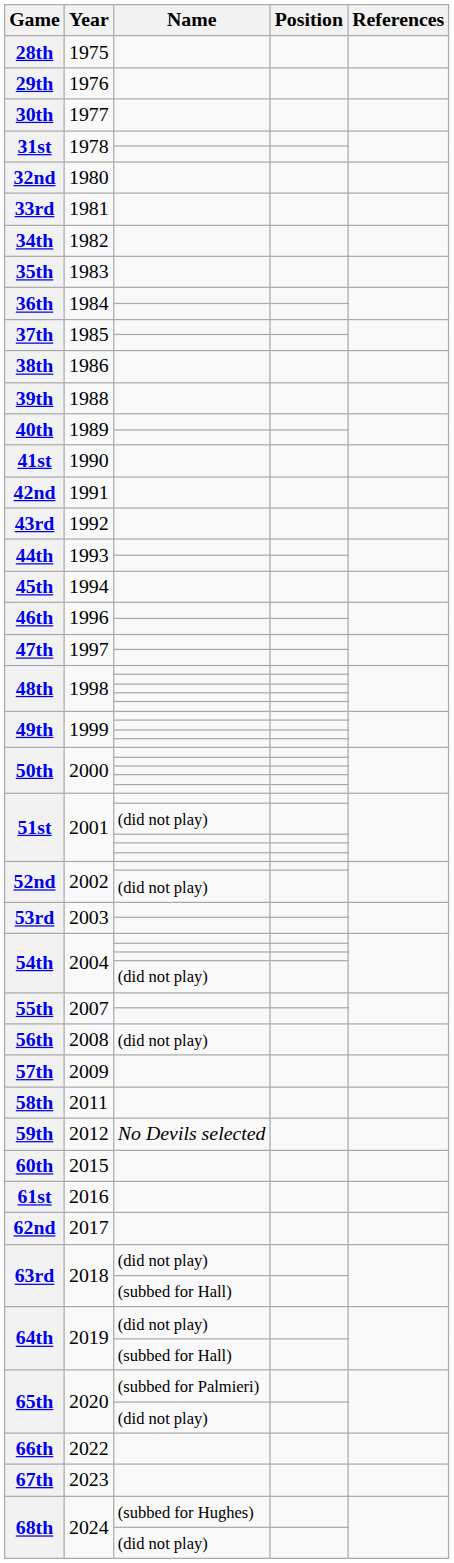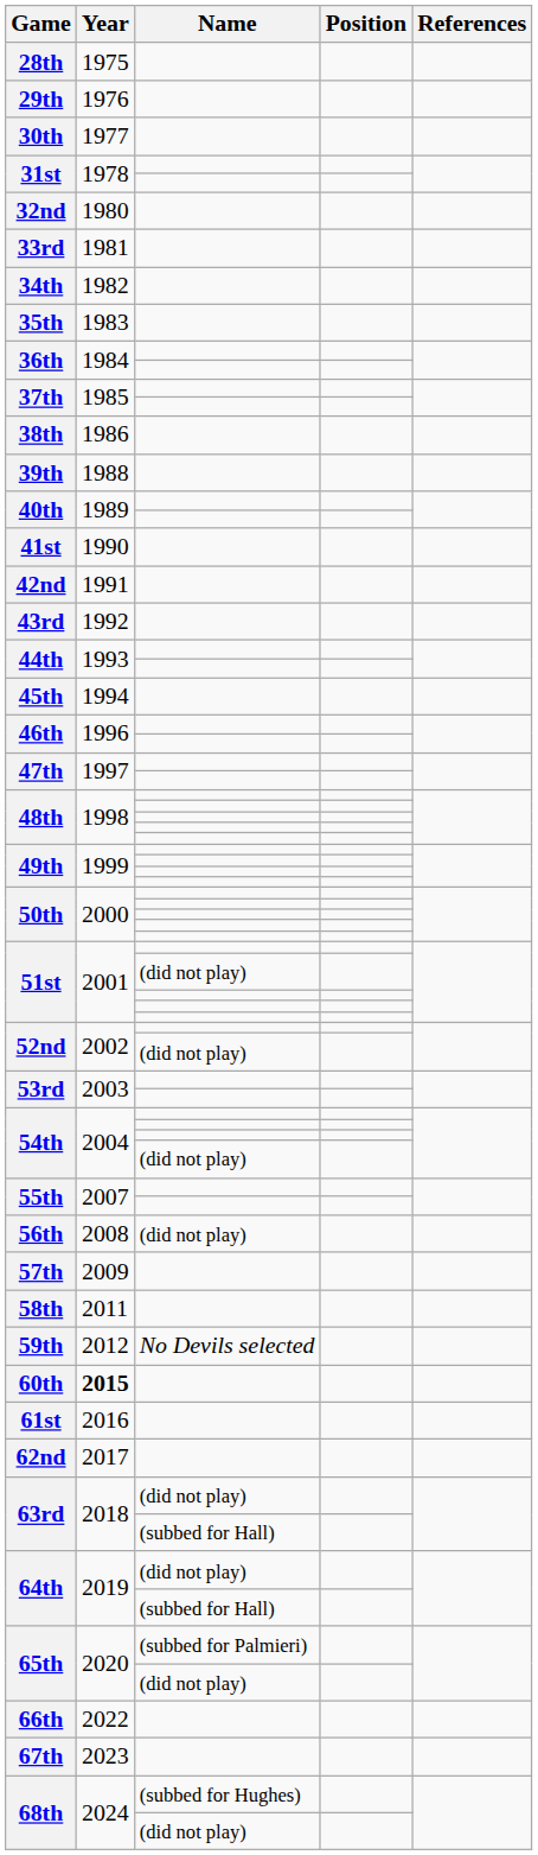 <table class="wikitable sortable">
 <tr>
 <th scope="col">Game</th>
 <th scope="col">Year</th>
 <th scope="col">Name</th>
 <th scope="col">Position</th>
 <th scope="col" class="unsortable">References</th>
 </tr>
 <tr>
 <th scope="row"><a href='#'>28th</a></th>
 <td>1975</td>
 <td></td>
 <td></td>
 <td></td>
 </tr>
 <tr>
 <th scope="row"><a href='#'>29th</a></th>
 <td>1976</td>
 <td></td>
 <td></td>
 <td></td>
 </tr>
 <tr>
 <th scope="row"><a href='#'>30th</a></th>
 <td>1977</td>
 <td></td>
 <td></td>
 <td></td>
 </tr>
 <tr>
 <th scope="row" rowspan="2"><a href='#'>31st</a></th>
 <td rowspan="2">1978</td>
 <td></td>
 <td></td>
 <td rowspan="2"></td>
 </tr>
 <tr>
 <td></td>
 <td></td>
 </tr>
 <tr>
 <th scope="row"><a href='#'>32nd</a></th>
 <td>1980</td>
 <td></td>
 <td></td>
 <td></td>
 </tr>
 <tr>
 <th scope="row"><a href='#'>33rd</a></th>
 <td>1981</td>
 <td></td>
 <td></td>
 <td></td>
 </tr>
 <tr>
 <th scope="row"><a href='#'>34th</a></th>
 <td>1982</td>
 <td></td>
 <td></td>
 <td></td>
 </tr>
 <tr>
 <th scope="row"><a href='#'>35th</a></th>
 <td>1983</td>
 <td></td>
 <td></td>
 <td></td>
 </tr>
 <tr>
 <th scope="row" rowspan="2"><a href='#'>36th</a></th>
 <td rowspan="2">1984</td>
 <td></td>
 <td></td>
 <td rowspan="2"></td>
 </tr>
 <tr>
 <td></td>
 <td></td>
 </tr>
 <tr>
 <th scope="row" rowspan="2"><a href='#'>37th</a></th>
 <td rowspan="2">1985</td>
 <td></td>
 <td></td>
 <td rowspan="2"></td>
 </tr>
 <tr>
 <td></td>
 <td></td>
 </tr>
 <tr>
 <th scope="row"><a href='#'>38th</a></th>
 <td>1986</td>
 <td></td>
 <td></td>
 <td></td>
 </tr>
 <tr>
 <th scope="row"><a href='#'>39th</a></th>
 <td>1988</td>
 <td></td>
 <td></td>
 <td></td>
 </tr>
 <tr>
 <th scope="row" rowspan="2"><a href='#'>40th</a></th>
 <td rowspan="2">1989</td>
 <td></td>
 <td></td>
 <td rowspan="2"></td>
 </tr>
 <tr>
 <td></td>
 <td></td>
 </tr>
 <tr>
 <th scope="row"><a href='#'>41st</a></th>
 <td>1990</td>
 <td></td>
 <td></td>
 <td></td>
 </tr>
 <tr>
 <th scope="row"><a href='#'>42nd</a></th>
 <td>1991</td>
 <td></td>
 <td></td>
 <td></td>
 </tr>
 <tr>
 <th scope="row"><a href='#'>43rd</a></th>
 <td>1992</td>
 <td></td>
 <td></td>
 <td></td>
 </tr>
 <tr>
 <th scope="row" rowspan="2"><a href='#'>44th</a></th>
 <td rowspan="2">1993</td>
 <td></td>
 <td></td>
 <td rowspan="2"></td>
 </tr>
 <tr>
 <td></td>
 <td></td>
 </tr>
 <tr>
 <th scope="row"><a href='#'>45th</a></th>
 <td>1994</td>
 <td></td>
 <td></td>
 <td></td>
 </tr>
 <tr>
 <th scope="row" rowspan="2"><a href='#'>46th</a></th>
 <td rowspan="2">1996</td>
 <td></td>
 <td></td>
 <td rowspan="2"></td>
 </tr>
 <tr>
 <td></td>
 <td></td>
 </tr>
 <tr>
 <th scope="row" rowspan="2"><a href='#'>47th</a></th>
 <td rowspan="2">1997</td>
 <td></td>
 <td></td>
 <td rowspan="2"></td>
 </tr>
 <tr>
 <td></td>
 <td></td>
 </tr>
 <tr>
 <th scope="row" rowspan="5"><a href='#'>48th</a></th>
 <td rowspan="5">1998</td>
 <td></td>
 <td></td>
 <td rowspan="5"></td>
 </tr>
 <tr>
 <td></td>
 <td></td>
 </tr>
 <tr>
 <td></td>
 <td></td>
 </tr>
 <tr>
 <td></td>
 <td></td>
 </tr>
 <tr>
 <td></td>
 <td></td>
 </tr>
 <tr>
 <th scope="row" rowspan="4"><a href='#'>49th</a></th>
 <td rowspan="4">1999</td>
 <td></td>
 <td></td>
 <td rowspan="4"></td>
 </tr>
 <tr>
 <td></td>
 <td></td>
 </tr>
 <tr>
 <td></td>
 <td></td>
 </tr>
 <tr>
 <td></td>
 <td></td>
 </tr>
 <tr>
 <th scope="row" rowspan="5"><a href='#'>50th</a></th>
 <td rowspan="5">2000</td>
 <td></td>
 <td></td>
 <td rowspan="5"></td>
 </tr>
 <tr>
 <td></td>
 <td></td>
 </tr>
 <tr>
 <td></td>
 <td></td>
 </tr>
 <tr>
 <td></td>
 <td></td>
 </tr>
 <tr>
 <td></td>
 <td></td>
 </tr>
 <tr>
 <th scope="row" rowspan="5"><a href='#'>51st</a></th>
 <td rowspan="5">2001</td>
 <td></td>
 <td></td>
 <td rowspan="5"></td>
 </tr>
 <tr>
 <td> <small>(did not play)</small></td>
 <td></td>
 </tr>
 <tr>
 <td></td>
 <td></td>
 </tr>
 <tr>
 <td></td>
 <td></td>
 </tr>
 <tr>
 <td></td>
 <td></td>
 </tr>
 <tr>
 <th scope="row" rowspan="2"><a href='#'>52nd</a></th>
 <td rowspan="2">2002</td>
 <td></td>
 <td></td>
 <td rowspan="2"></td>
 </tr>
 <tr>
 <td> <small>(did not play)</small></td>
 <td></td>
 </tr>
 <tr>
 <th scope="row" rowspan="2"><a href='#'>53rd</a></th>
 <td rowspan="2">2003</td>
 <td></td>
 <td></td>
 <td rowspan="2"></td>
 </tr>
 <tr>
 <td></td>
 <td></td>
 </tr>
 <tr>
 <th scope="row" rowspan="4"><a href='#'>54th</a></th>
 <td rowspan="4">2004</td>
 <td></td>
 <td></td>
 <td rowspan="4"></td>
 </tr>
 <tr>
 <td></td>
 <td></td>
 </tr>
 <tr>
 <td></td>
 <td></td>
 </tr>
 <tr>
 <td> <small>(did not play)</small></td>
 <td></td>
 </tr>
 <tr>
 <th scope="row" rowspan="2"><a href='#'>55th</a></th>
 <td rowspan="2">2007</td>
 <td></td>
 <td></td>
 <td rowspan="2"></td>
 </tr>
 <tr>
 <td></td>
 <td></td>
 </tr>
 <tr>
 <th scope="row"><a href='#'>56th</a></th>
 <td>2008</td>
 <td> <small>(did not play)</small></td>
 <td></td>
 <td></td>
 </tr>
 <tr>
 <th scope="row"><a href='#'>57th</a></th>
 <td>2009</td>
 <td></td>
 <td></td>
 <td></td>
 </tr>
 <tr>
 <th scope="row"><a href='#'>58th</a></th>
 <td>2011</td>
 <td></td>
 <td></td>
 <td></td>
 </tr>
 <tr>
 <th scope="row"><a href='#'>59th</a></th>
 <td>2012</td>
 <td><em>No Devils selected</em></td>
 <td></td>
 <td></td>
 </tr>
 <tr>
 <th scope="row"><a href='#'>60th</a></th>
-<td>2015</td>
+<td><strong>2015</strong></td>
 <td></td>
 <td></td>
 <td></td>
 </tr>
 <tr>
 <th scope="row"><a href='#'>61st</a></th>
 <td>2016</td>
 <td></td>
 <td></td>
 <td></td>
 </tr>
 <tr>
 <th scope="row"><a href='#'>62nd</a></th>
 <td>2017</td>
 <td></td>
 <td></td>
 <td></td>
 </tr>
 <tr>
 <th scope="row" rowspan="2"><a href='#'>63rd</a></th>
 <td rowspan="2">2018</td>
 <td> <small>(did not play)</small></td>
 <td></td>
 <td rowspan="2"></td>
 </tr>
 <tr>
 <td> <small>(subbed for Hall)</small></td>
 <td></td>
 </tr>
 <tr>
 <th scope="row" rowspan="2"><a href='#'>64th</a></th>
 <td rowspan="2">2019</td>
 <td> <small>(did not play)</small></td>
 <td></td>
 <td rowspan="2"></td>
 </tr>
 <tr>
 <td> <small>(subbed for Hall)</small></td>
 <td></td>
 </tr>
 <tr>
 <th scope="row" rowspan="2"><a href='#'>65th</a></th>
 <td rowspan="2">2020</td>
 <td> <small>(subbed for Palmieri)</small></td>
 <td></td>
 <td rowspan="2"></td>
 </tr>
 <tr>
 <td> <small>(did not play)</small></td>
 <td></td>
 </tr>
 <tr>
 <th scope="row"><a href='#'>66th</a></th>
 <td>2022</td>
 <td></td>
 <td></td>
 <td></td>
 </tr>
 <tr>
 <th scope="row"><a href='#'>67th</a></th>
 <td>2023</td>
 <td></td>
 <td></td>
 <td></td>
 </tr>
 <tr>
 <th scope="row" rowspan="2"><a href='#'>68th</a></th>
 <td rowspan="2">2024</td>
 <td> <small>(subbed for Hughes)</small></td>
 <td></td>
 <td rowspan="2"></td>
 </tr>
 <tr>
 <td> <small>(did not play)</small></td>
 <td></td>
 </tr>
 </table>
